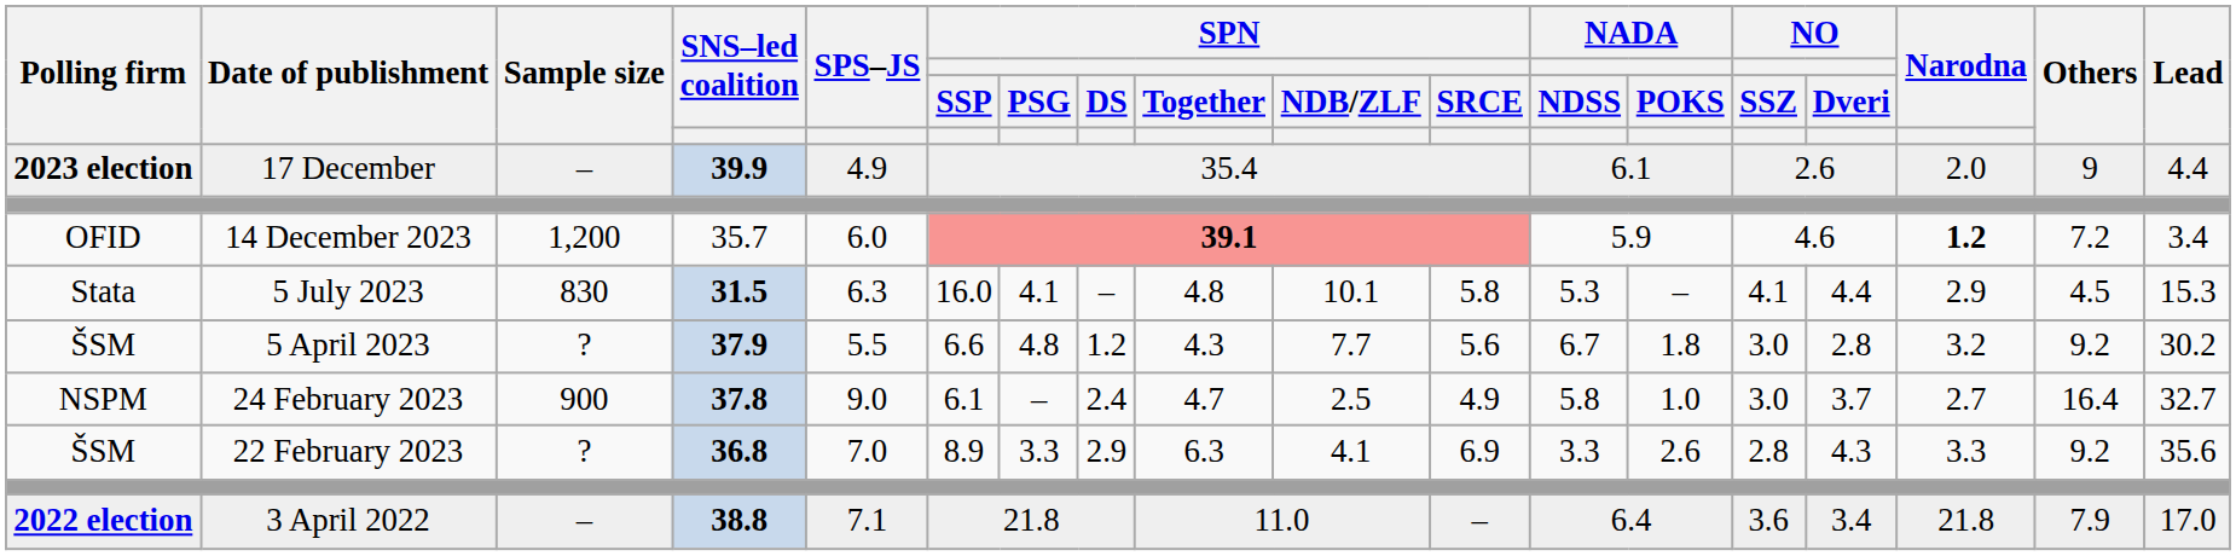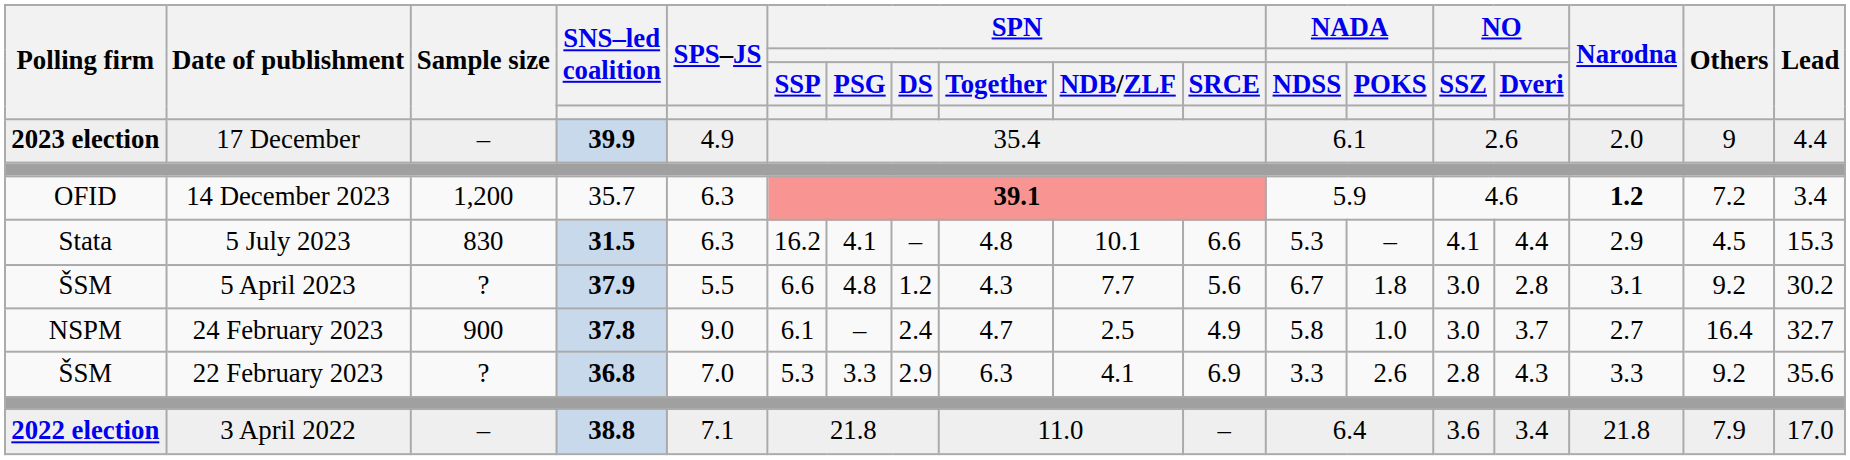 <table class="wikitable" style="text-align:center; font-size:85%; line-height:16px; margin-bottom:0">
 <tr>
 <th rowspan="4">Polling firm</th>
 <th rowspan="4">Date of publishment</th>
 <th rowspan="4">Sample size</th>
 <th rowspan="3"><a href='#'>SNS–led<br>coalition</a></th>
 <th rowspan="3"><a href='#'>SPS</a>–<a href='#'>JS</a></th>
 <th colspan="6"><a href='#'>SPN</a></th>
 <th colspan="2"><a href='#'>NADA</a></th>
 <th colspan="2"><a href='#'>NO</a></th>
 <th rowspan="3"><a href='#'>Narodna</a></th>
 <th rowspan="4">Others</th>
 <th rowspan="4">Lead</th>
 </tr>
 <tr>
 <th colspan="6" style="background:"></th>
 <th colspan="2" style="background:"></th>
 <th colspan="2" style="background:"></th>
 </tr>
 <tr>
 <th><a href='#'>SSP</a></th>
 <th><a href='#'>PSG</a></th>
 <th><a href='#'>DS</a></th>
 <th><a href='#'>Together</a></th>
 <th><a href='#'>NDB</a>/<a href='#'>ZLF</a></th>
 <th><a href='#'>SRCE</a></th>
 <th><a href='#'>NDSS</a></th>
 <th><a href='#'>POKS</a></th>
 <th><a href='#'>SSZ</a></th>
 <th><a href='#'>Dveri</a></th>
 </tr>
 <tr>
 <th style="background:"></th>
 <th style="background:"></th>
 <th style="background:"></th>
 <th style="background:"></th>
 <th style="background:"></th>
 <th style="background:"></th>
 <th style="background:"></th>
 <th style="background:"></th>
 <th style="background:"></th>
 <th style="background:"></th>
 <th style="background:"></th>
 <th style="background:"></th>
 <th style="background:"></th>
 </tr>
 <tr style="background:#EFEFEF">
 <td><strong>2023 election</strong></td>
 <td>17 December</td>
 <td>–</td>
 <td style="background:#C8D9EC"><strong>39.9</strong></td>
 <td>4.9</td>
 <td colspan="6">35.4</td>
 <td colspan="2">6.1</td>
 <td colspan="2">2.6</td>
 <td>2.0</td>
 <td>9</td>
 <td style="background:">4.4</td>
 </tr>
 <tr>
 <td colspan="23" style="background:#A0A0A0"></td>
 </tr>
 <tr>
 <td>OFID</td>
 <td>14 December 2023</td>
 <td>1,200</td>
 <td>35.7</td>
-<td>6.0</td>
+<td>6.3</td>
 <td colspan="6" style="background:#F89593"><strong>39.1</strong></td>
 <td colspan="2">5.9</td>
 <td colspan="2">4.6</td>
 <td><strong>1.2</strong></td>
 <td>7.2</td>
 <td style="background:">3.4</td>
 </tr>
 <tr>
 <td>Stata</td>
 <td>5 July 2023</td>
 <td>830</td>
 <td style="background:#C8D9EC"><strong>31.5</strong></td>
 <td>6.3</td>
-<td>16.0</td>
+<td>16.2</td>
 <td>4.1</td>
 <td>–</td>
 <td>4.8</td>
 <td>10.1</td>
-<td>5.8</td>
+<td>6.6</td>
 <td>5.3</td>
 <td>–</td>
 <td>4.1</td>
 <td>4.4</td>
 <td>2.9</td>
 <td>4.5</td>
 <td style="background:">15.3</td>
 </tr>
 <tr>
 <td>ŠSM</td>
 <td>5 April 2023</td>
 <td>?</td>
 <td style="background:#C8D9EC"><strong>37.9</strong></td>
 <td>5.5</td>
 <td>6.6</td>
 <td>4.8</td>
 <td>1.2</td>
 <td>4.3</td>
 <td>7.7</td>
 <td>5.6</td>
 <td>6.7</td>
 <td>1.8</td>
 <td>3.0</td>
 <td>2.8</td>
-<td>3.2</td>
+<td>3.1</td>
 <td>9.2</td>
 <td style="background:">30.2</td>
 </tr>
 <tr>
 <td>NSPM</td>
 <td>24 February 2023</td>
 <td>900</td>
 <td style="background:#C8D9EC"><strong>37.8</strong></td>
 <td>9.0</td>
 <td>6.1</td>
 <td>–</td>
 <td>2.4</td>
 <td>4.7</td>
 <td>2.5</td>
 <td>4.9</td>
 <td>5.8</td>
 <td>1.0</td>
 <td>3.0</td>
 <td>3.7</td>
 <td>2.7</td>
 <td>16.4</td>
 <td style="background:">32.7</td>
 </tr>
 <tr>
 <td>ŠSM</td>
 <td>22 February 2023</td>
 <td>?</td>
 <td style="background:#C8D9EC"><strong>36.8</strong></td>
 <td>7.0</td>
-<td>8.9</td>
+<td>5.3</td>
 <td>3.3</td>
 <td>2.9</td>
 <td>6.3</td>
 <td>4.1</td>
 <td>6.9</td>
 <td>3.3</td>
 <td>2.6</td>
 <td>2.8</td>
 <td>4.3</td>
 <td>3.3</td>
 <td>9.2</td>
 <td style="background:">35.6</td>
 </tr>
 <tr>
 <td colspan="18" style="background:#A0A0A0"></td>
 </tr>
 <tr style="background:#EFEFEF">
 <td><strong><a href='#'>2022 election</a></strong></td>
 <td>3 April 2022</td>
 <td>–</td>
 <td style="background:#C8D9EC"><strong>38.8</strong></td>
 <td>7.1</td>
 <td colspan="3">21.8</td>
 <td colspan="2">11.0</td>
 <td>–</td>
 <td colspan="2">6.4</td>
 <td>3.6</td>
 <td>3.4</td>
 <td>21.8</td>
 <td>7.9</td>
 <td style="background:">17.0</td>
 </tr>
 </table>
